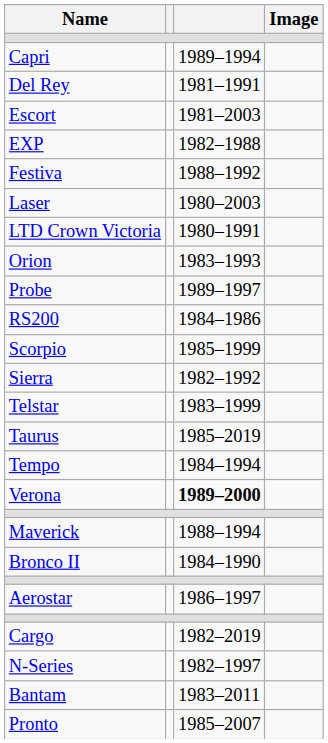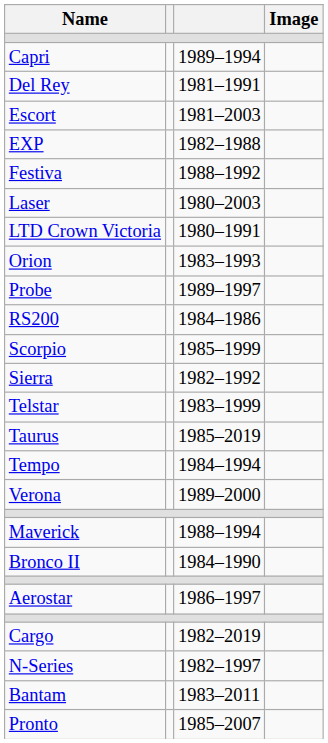 <table class="wikitable sortable">
 <tr>
 <th style="width:px;">Name</th>
 <th style="width:px;"></th>
 <th style="width:px;"></th>
 <th style="width:px;">Image</th>
 </tr>
 <tr>
 <td colspan=6 style=background:#e0e0e0></td>
 </tr>
 <tr>
 <td><a href='#'>Capri</a></td>
 <td></td>
 <td>1989–1994</td>
 <td></td>
 </tr>
 <tr>
 <td><a href='#'>Del Rey</a></td>
 <td></td>
 <td>1981–1991</td>
 <td></td>
 </tr>
 <tr>
 <td><a href='#'>Escort</a></td>
 <td></td>
 <td>1981–2003</td>
 <td></td>
 </tr>
 <tr>
 <td><a href='#'>EXP</a></td>
 <td></td>
 <td>1982–1988</td>
 <td></td>
 </tr>
 <tr>
 <td><a href='#'>Festiva</a></td>
 <td></td>
 <td>1988–1992</td>
 <td></td>
 </tr>
 <tr>
 <td><a href='#'>Laser</a></td>
 <td></td>
 <td>1980–2003</td>
 <td></td>
 </tr>
 <tr>
 <td><a href='#'>LTD Crown Victoria</a></td>
 <td></td>
 <td>1980–1991</td>
 <td></td>
 </tr>
 <tr>
 <td><a href='#'>Orion</a></td>
 <td></td>
 <td>1983–1993</td>
 <td></td>
 </tr>
 <tr>
 <td><a href='#'>Probe</a></td>
 <td></td>
 <td>1989–1997</td>
 <td></td>
 </tr>
 <tr>
 <td><a href='#'>RS200</a></td>
 <td></td>
 <td>1984–1986</td>
 <td></td>
 </tr>
 <tr>
 <td><a href='#'>Scorpio</a></td>
 <td></td>
 <td>1985–1999</td>
 <td></td>
 </tr>
 <tr>
 <td><a href='#'>Sierra</a></td>
 <td></td>
 <td>1982–1992</td>
 <td></td>
 </tr>
 <tr>
 <td><a href='#'>Telstar</a></td>
 <td></td>
 <td>1983–1999</td>
 <td></td>
 </tr>
 <tr>
 <td><a href='#'>Taurus</a></td>
 <td></td>
 <td>1985–2019</td>
 <td></td>
 </tr>
 <tr>
 <td><a href='#'>Tempo</a></td>
 <td></td>
 <td>1984–1994</td>
 <td></td>
 </tr>
 <tr>
 <td><a href='#'>Verona</a></td>
 <td></td>
-<td><strong>1989–2000</strong></td>
+<td>1989–2000</td>
 <td></td>
 </tr>
 <tr>
 <td colspan=6 style=background:#e0e0e0></td>
 </tr>
 <tr>
 <td><a href='#'>Maverick</a></td>
 <td></td>
 <td>1988–1994</td>
 <td></td>
 </tr>
 <tr>
 <td><a href='#'>Bronco II</a></td>
 <td></td>
 <td>1984–1990</td>
 <td></td>
 </tr>
 <tr>
 <td colspan=6 style=background:#e0e0e0></td>
 </tr>
 <tr>
 <td><a href='#'>Aerostar</a></td>
 <td></td>
 <td>1986–1997</td>
 <td></td>
 </tr>
 <tr>
 <td colspan=6 style=background:#e0e0e0></td>
 </tr>
 <tr>
 <td><a href='#'>Cargo</a></td>
 <td></td>
 <td>1982–2019</td>
 <td></td>
 </tr>
 <tr>
 <td><a href='#'>N-Series</a></td>
 <td></td>
 <td>1982–1997</td>
 <td></td>
 </tr>
 <tr>
 <td><a href='#'>Bantam</a></td>
 <td></td>
 <td>1983–2011</td>
 <td></td>
 </tr>
 <tr>
 <td><a href='#'>Pronto</a></td>
 <td></td>
 <td>1985–2007</td>
 <td></td>
 </tr>
 </table>
